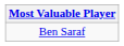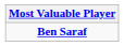 <table class=wikitable style="text-align:center; margin:auto">
 <tr>
 <th><a href='#'>Most Valuable Player</a></th>
 </tr>
 <tr>
-<td> <a href='#'>Ben Saraf</a></td>
+<td><strong> <a href='#'>Ben Saraf</a></strong></td>
 </tr>
 </table>
